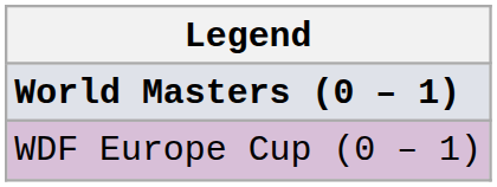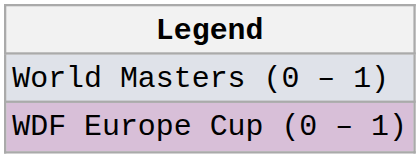 <table class="wikitable">
 <tr>
 <th>Legend</th>
 </tr>
 <tr style="background:#dfe2e9;">
-<td><strong>World Masters (0 – 1)</strong></td>
+<td>World Masters (0 – 1)</td>
 </tr>
 <tr style="background:thistle">
 <td>WDF Europe Cup (0 – 1)</td>
 </tr>
 </table>
